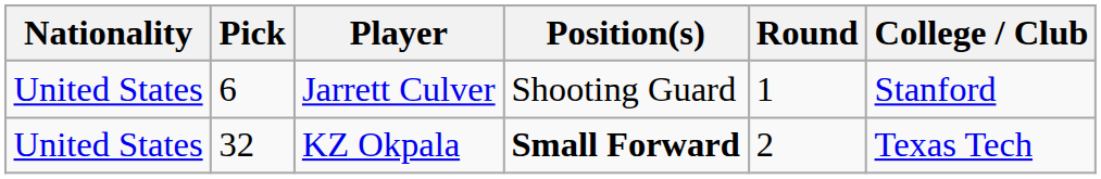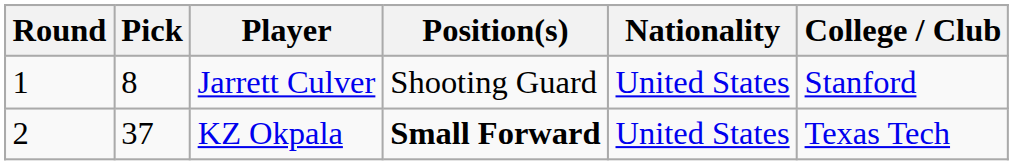 <table class="wikitable sortable sortable">
 <tr>
-<th>Nationality</th>
+<th>Round</th>
 <th>Pick</th>
 <th>Player</th>
 <th>Position(s)</th>
-<th>Round</th>
+<th>Nationality</th>
 <th>College / Club</th>
 </tr>
 <tr>
-<td> <a href='#'>United States</a></td>
-<td>6</td>
+<td>1</td>
+<td>8</td>
 <td><a href='#'>Jarrett Culver</a></td>
 <td>Shooting Guard</td>
-<td>1</td>
+<td> <a href='#'>United States</a></td>
 <td><a href='#'>Stanford</a></td>
 </tr>
 <tr>
-<td> <a href='#'>United States</a></td>
-<td>32</td>
+<td>2</td>
+<td>37</td>
 <td><a href='#'>KZ Okpala</a></td>
 <td><strong>Small Forward</strong></td>
-<td>2</td>
+<td> <a href='#'>United States</a></td>
 <td><a href='#'>Texas Tech</a></td>
 </tr>
 </table>
